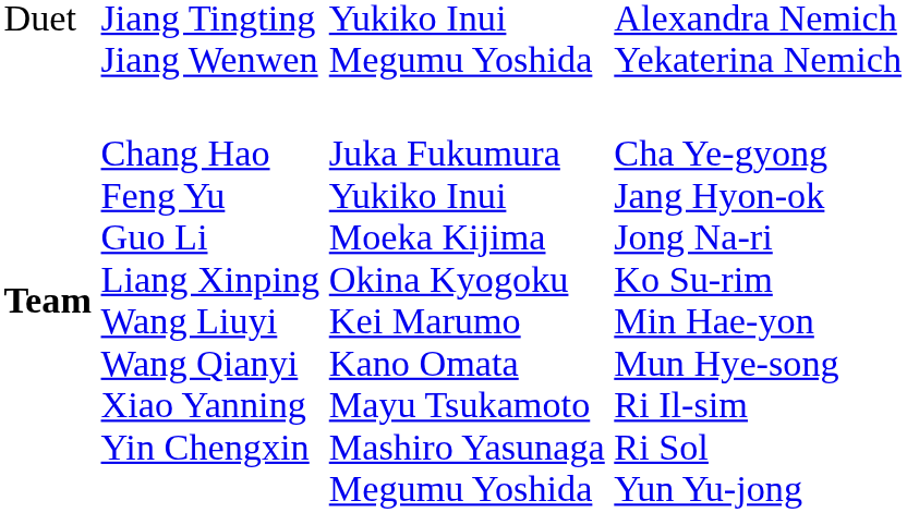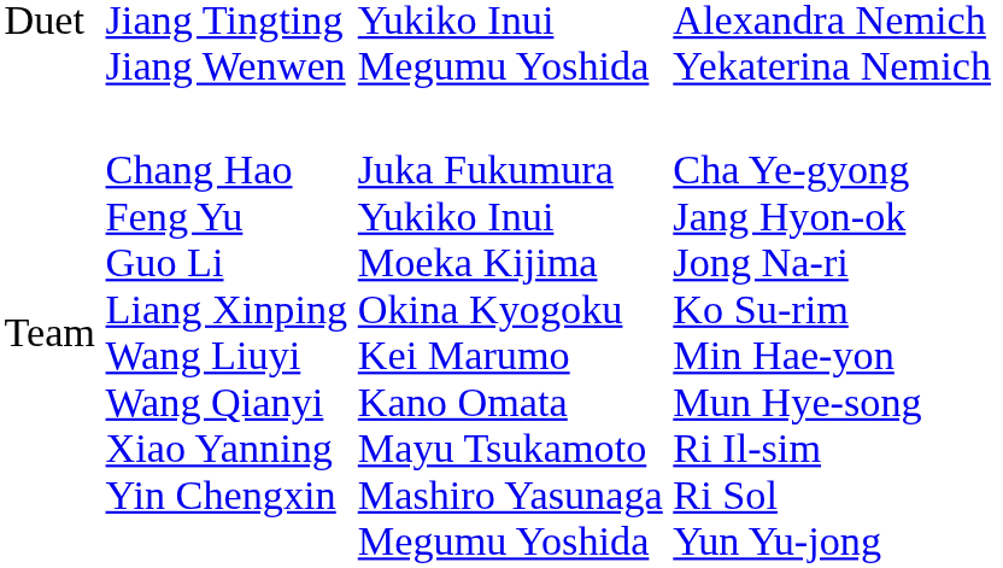 <table>
 <tr>
 <td>Duet<br></td>
 <td><br><a href='#'>Jiang Tingting</a><br><a href='#'>Jiang Wenwen</a></td>
 <td><br><a href='#'>Yukiko Inui</a><br><a href='#'>Megumu Yoshida</a></td>
 <td><br><a href='#'>Alexandra Nemich</a><br><a href='#'>Yekaterina Nemich</a></td>
 </tr>
 <tr>
-<td><strong>Team<br></strong></td>
+<td>Team<br></td>
 <td valign=top><br><a href='#'>Chang Hao</a><br><a href='#'>Feng Yu</a><br><a href='#'>Guo Li</a><br><a href='#'>Liang Xinping</a><br><a href='#'>Wang Liuyi</a><br><a href='#'>Wang Qianyi</a><br><a href='#'>Xiao Yanning</a><br><a href='#'>Yin Chengxin</a></td>
 <td><br><a href='#'>Juka Fukumura</a><br><a href='#'>Yukiko Inui</a><br><a href='#'>Moeka Kijima</a><br><a href='#'>Okina Kyogoku</a><br><a href='#'>Kei Marumo</a><br><a href='#'>Kano Omata</a><br><a href='#'>Mayu Tsukamoto</a><br><a href='#'>Mashiro Yasunaga</a><br><a href='#'>Megumu Yoshida</a></td>
 <td><br><a href='#'>Cha Ye-gyong</a><br><a href='#'>Jang Hyon-ok</a><br><a href='#'>Jong Na-ri</a><br><a href='#'>Ko Su-rim</a><br><a href='#'>Min Hae-yon</a><br><a href='#'>Mun Hye-song</a><br><a href='#'>Ri Il-sim</a><br><a href='#'>Ri Sol</a><br><a href='#'>Yun Yu-jong</a></td>
 </tr>
 </table>
